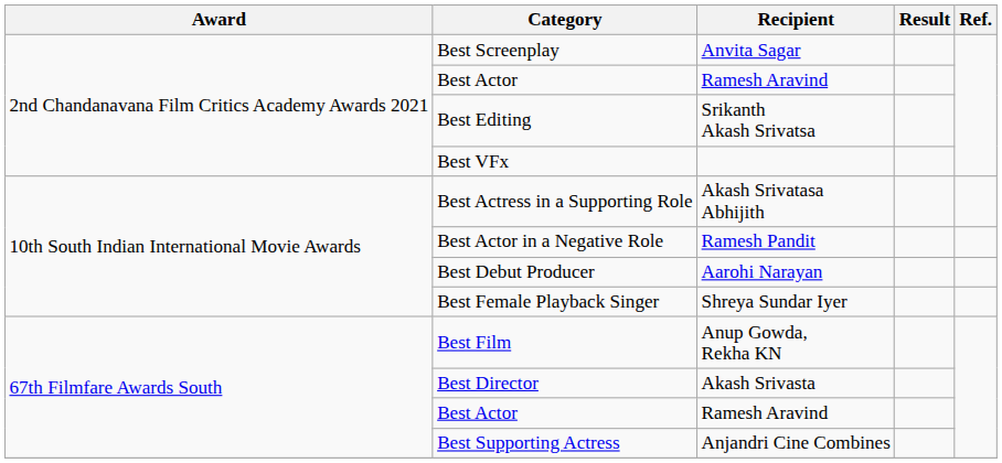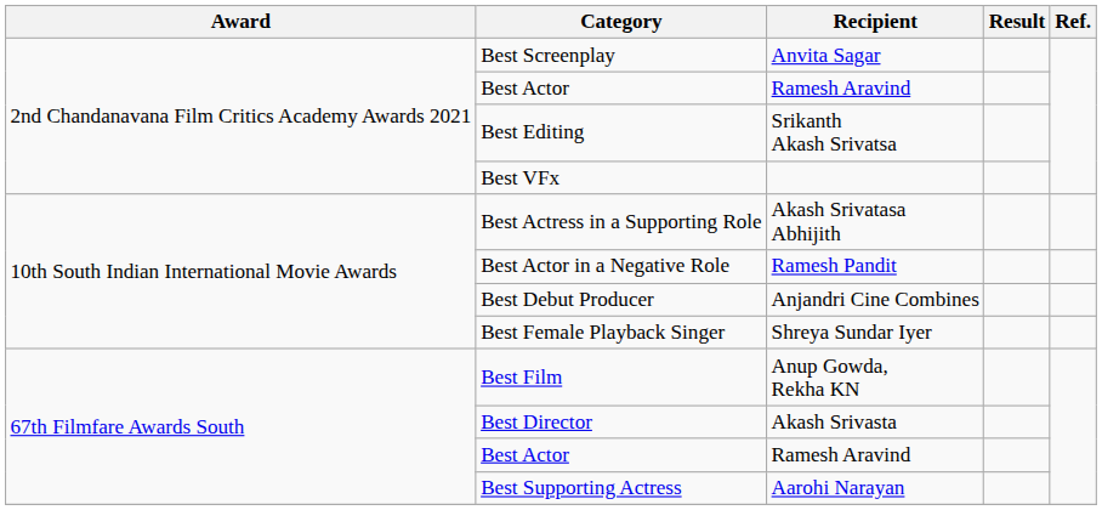 <table class=wikitable>
 <tr>
 <th>Award</th>
 <th>Category</th>
 <th>Recipient</th>
 <th>Result</th>
 <th>Ref.</th>
 </tr>
 <tr>
 <td rowspan=4>2nd Chandanavana Film Critics Academy Awards 2021</td>
 <td>Best Screenplay</td>
 <td><a href='#'>Anvita Sagar</a></td>
 <td></td>
 <td rowspan=4><br><br></td>
 </tr>
 <tr>
 <td>Best Actor</td>
 <td><a href='#'>Ramesh Aravind</a></td>
 <td></td>
 </tr>
 <tr>
 <td>Best Editing</td>
 <td>Srikanth <br>Akash Srivatsa</td>
 <td></td>
 </tr>
 <tr>
 <td>Best VFx</td>
 <td></td>
 <td></td>
 </tr>
 <tr>
 <td rowspan=4>10th South Indian International Movie Awards</td>
 <td>Best Actress in a Supporting Role</td>
 <td>Akash Srivatasa <br>Abhijith</td>
 <td></td>
 <td></td>
 </tr>
 <tr>
 <td>Best Actor in a Negative Role</td>
 <td><a href='#'>Ramesh Pandit</a></td>
 <td></td>
 <td></td>
 </tr>
 <tr>
 <td>Best Debut Producer</td>
-<td><a href='#'>Aarohi Narayan</a></td>
+<td>Anjandri Cine Combines</td>
 <td></td>
 <td></td>
 </tr>
 <tr>
 <td>Best Female Playback Singer</td>
 <td>Shreya Sundar Iyer</td>
 <td></td>
 <td></td>
 </tr>
 <tr>
 <td rowspan=4><a href='#'>67th Filmfare Awards South</a></td>
 <td><a href='#'>Best Film</a></td>
 <td>Anup Gowda,<br>Rekha KN</td>
 <td></td>
 <td rowspan=4></td>
 </tr>
 <tr>
 <td><a href='#'>Best Director</a></td>
 <td>Akash Srivasta</td>
 <td></td>
 </tr>
 <tr>
 <td><a href='#'>Best Actor</a></td>
 <td>Ramesh Aravind</td>
 <td></td>
 </tr>
 <tr>
 <td><a href='#'>Best Supporting Actress</a></td>
-<td>Anjandri Cine Combines</td>
+<td><a href='#'>Aarohi Narayan</a></td>
 <td></td>
 </tr>
 <tr>
 </tr>
 </table>
